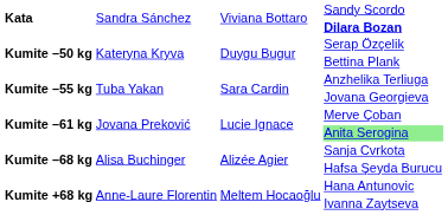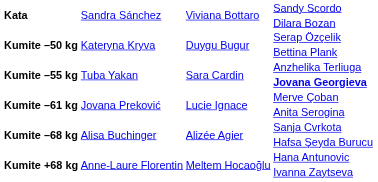 <table>
 <tr>
 <td rowspan=2><strong>Kata</strong></td>
 <td rowspan=2> <a href='#'>Sandra Sánchez</a></td>
 <td rowspan=2> <a href='#'>Viviana Bottaro</a></td>
 <td> <a href='#'>Sandy Scordo</a></td>
 </tr>
 <tr>
-<td><strong> <a href='#'>Dilara Bozan</a></strong></td>
+<td> <a href='#'>Dilara Bozan</a></td>
 </tr>
 <tr>
 <td rowspan=2><strong>Kumite –50 kg</strong></td>
 <td rowspan=2> <a href='#'>Kateryna Kryva</a></td>
 <td rowspan=2> <a href='#'>Duygu Bugur</a></td>
 <td> <a href='#'>Serap Özçelik</a></td>
 </tr>
 <tr>
 <td> <a href='#'>Bettina Plank</a></td>
 </tr>
 <tr>
 <td rowspan=2><strong>Kumite –55 kg</strong></td>
 <td rowspan=2> <a href='#'>Tuba Yakan</a></td>
 <td rowspan=2> <a href='#'>Sara Cardin</a></td>
 <td> <a href='#'>Anzhelika Terliuga</a></td>
 </tr>
 <tr>
-<td> <a href='#'>Jovana Georgieva</a></td>
+<td><strong> <a href='#'>Jovana Georgieva</a></strong></td>
 </tr>
 <tr>
 <td rowspan=2><strong>Kumite –61 kg</strong></td>
 <td rowspan=2> <a href='#'>Jovana Preković</a></td>
 <td rowspan=2> <a href='#'>Lucie Ignace</a></td>
 <td> <a href='#'>Merve Çoban</a></td>
 </tr>
 <tr>
-<td style="background: lightgreen;"> <a href='#'>Anita Serogina</a></td>
+<td> <a href='#'>Anita Serogina</a></td>
 </tr>
 <tr>
 <td rowspan=2><strong>Kumite –68 kg</strong></td>
 <td rowspan=2> <a href='#'>Alisa Buchinger</a></td>
 <td rowspan=2> <a href='#'>Alizée Agier</a></td>
 <td> <a href='#'>Sanja Cvrkota</a></td>
 </tr>
 <tr>
 <td> <a href='#'>Hafsa Şeyda Burucu</a></td>
 </tr>
 <tr>
 <td rowspan=2><strong>Kumite +68 kg</strong></td>
 <td rowspan=2> <a href='#'>Anne-Laure Florentin</a></td>
 <td rowspan=2> <a href='#'>Meltem Hocaoğlu</a></td>
 <td> <a href='#'>Hana Antunovic</a></td>
 </tr>
 <tr>
 <td> <a href='#'>Ivanna Zaytseva</a></td>
 </tr>
 </table>
